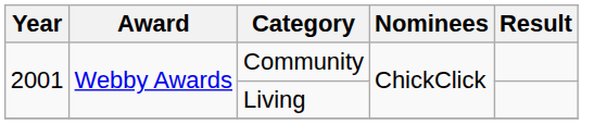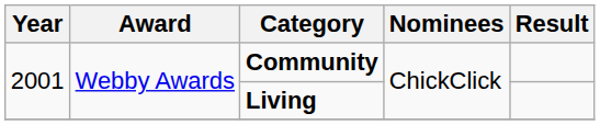 <table class="wikitable">
 <tr>
 <th>Year</th>
 <th>Award</th>
 <th>Category</th>
 <th>Nominees</th>
 <th>Result</th>
 </tr>
 <tr>
 <td rowspan="2">2001</td>
 <td rowspan="2"><a href='#'>Webby Awards</a></td>
-<td>Community</td>
+<td><strong>Community</strong></td>
 <td rowspan="2">ChickClick</td>
 <td></td>
 </tr>
 <tr>
-<td>Living</td>
+<td><strong>Living</strong></td>
 <td></td>
 </tr>
 <tr>
 </tr>
 </table>
